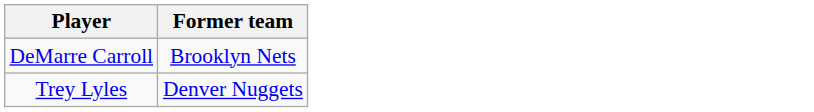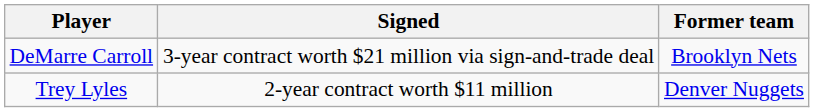 <table class="wikitable sortable sortable" style="text-align: center">
 <tr>
 <th>Player</th>
+<th>Signed</th>
 <th>Former team</th>
 </tr>
 <tr style="text-align: center">
 <td><a href='#'>DeMarre Carroll</a></td>
+<td>3-year contract worth $21 million via sign-and-trade deal</td>
 <td><a href='#'>Brooklyn Nets</a></td>
 </tr>
 <tr style="text-align: center">
 <td><a href='#'>Trey Lyles</a></td>
+<td>2-year contract worth $11 million</td>
 <td><a href='#'>Denver Nuggets</a></td>
 </tr>
 </table>
